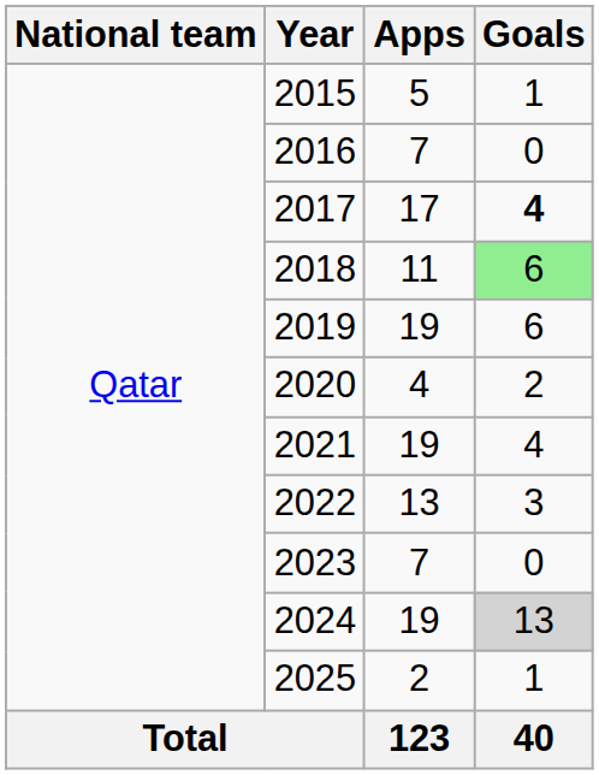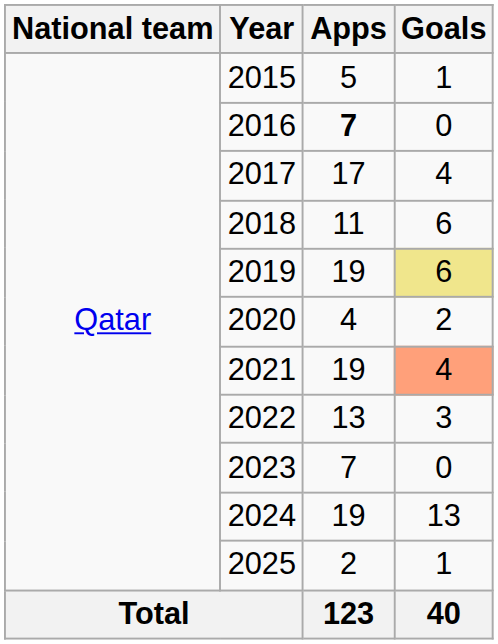 <table class="wikitable" style="text-align:center">
 <tr>
 <th>National team</th>
 <th>Year</th>
 <th>Apps</th>
 <th>Goals</th>
 </tr>
 <tr>
 <td rowspan="11"><a href='#'>Qatar</a></td>
 <td>2015</td>
 <td>5</td>
 <td>1</td>
 </tr>
 <tr>
 <td>2016</td>
-<td>7</td>
+<td><strong>7</strong></td>
 <td>0</td>
 </tr>
 <tr>
 <td>2017</td>
 <td>17</td>
-<td><strong>4</strong></td>
+<td>4</td>
 </tr>
 <tr>
 <td>2018</td>
 <td>11</td>
-<td style="background: lightgreen;">6</td>
+<td>6</td>
 </tr>
 <tr>
 <td>2019</td>
 <td>19</td>
-<td>6</td>
+<td style="background: khaki;">6</td>
 </tr>
 <tr>
 <td>2020</td>
 <td>4</td>
 <td>2</td>
 </tr>
 <tr>
 <td>2021</td>
 <td>19</td>
-<td>4</td>
+<td style="background: lightsalmon;">4</td>
 </tr>
 <tr>
 <td>2022</td>
 <td>13</td>
 <td>3</td>
 </tr>
 <tr>
 <td>2023</td>
 <td>7</td>
 <td>0</td>
 </tr>
 <tr>
 <td>2024</td>
 <td>19</td>
-<td style="background: lightgrey;">13</td>
+<td>13</td>
 </tr>
 <tr>
 <td>2025</td>
 <td>2</td>
 <td>1</td>
 </tr>
 <tr>
 <th colspan="2">Total</th>
 <th>123</th>
 <th>40</th>
 </tr>
 </table>
